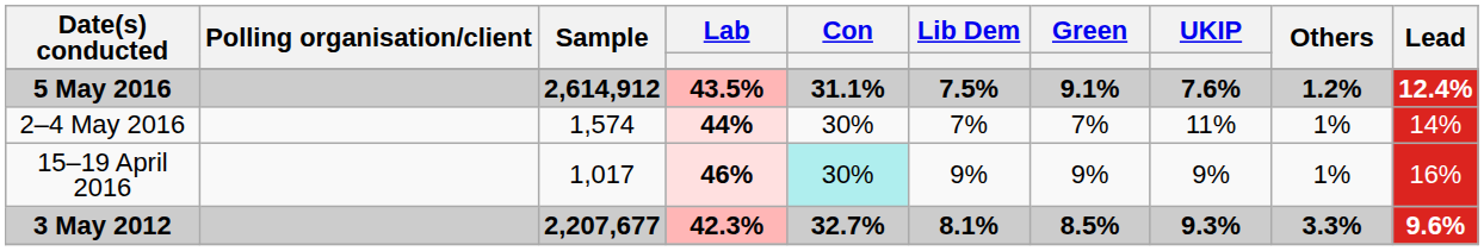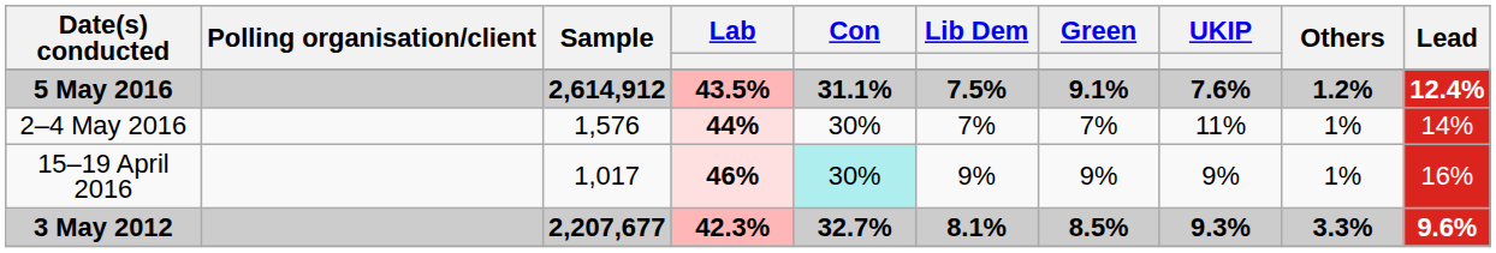 <table class="wikitable sortable" style="text-align:center;font-size:90%;line-height:14px">
 <tr>
 <th style="width:100px;" rowspan="2">Date(s)<br>conducted</th>
 <th style="width:180px;" rowspan="2">Polling organisation/client</th>
 <th style="width:60px;" rowspan="2">Sample</th>
 <th style="width:60px;" class="unsortable"><a href='#'>Lab</a></th>
 <th style="width:60px;" class="unsortable"><a href='#'>Con</a></th>
 <th style="width:60px;" class="unsortable"><a href='#'>Lib Dem</a></th>
 <th style="width:60px;" class="unsortable"><a href='#'>Green</a></th>
 <th style="width:60px;" class="unsortable"><a href='#'>UKIP</a></th>
 <th style="width:60px;" rowspan="2" class="unsortable">Others</th>
 <th class="unsortable" style="width:20px;" rowspan="2">Lead</th>
 </tr>
 <tr>
 <th class="unsortable" style="color:inherit;background:"></th>
 <th class="unsortable" style="color:inherit;background:"></th>
 <th class="unsortable" style="color:inherit;background:"></th>
 <th class="unsortable" style="color:inherit;background:"></th>
 <th class="unsortable" style="color:inherit;background:"></th>
 </tr>
 <tr>
 </tr>
 <tr style="background:#ccc;">
 <td><strong>5 May 2016</strong></td>
 <td style="background:#ccc;"><strong></strong></td>
 <td style="background:#ccc;"><strong> 2,614,912</strong></td>
 <td style="background:#FFB6B6;"><strong>43.5%</strong></td>
 <td style="background:#ccc;"><strong>31.1%</strong></td>
 <td style="background:#ccc;"><strong>7.5%</strong></td>
 <td style="background:#ccc;"><strong>9.1%</strong></td>
 <td style="background:#ccc;"><strong>7.6%</strong></td>
 <td style="background:#ccc;"><strong>1.2%</strong></td>
 <td style="background:#dc241f; color:white;"><strong>12.4%</strong></td>
 </tr>
 <tr>
 <td>2–4 May 2016</td>
 <td></td>
-<td>1,574</td>
+<td>1,576</td>
 <td style="background:#ffe0e0"><strong>44%</strong></td>
 <td>30%</td>
 <td>7%</td>
 <td>7%</td>
 <td>11%</td>
 <td>1%</td>
 <td style="background:#dc241f; color:white;">14%</td>
 </tr>
 <tr>
 <td>15–19 April 2016</td>
 <td></td>
 <td>1,017</td>
 <td style="background:#ffe0e0"><strong>46%</strong></td>
 <td style="background: paleturquoise;">30%</td>
 <td>9%</td>
 <td>9%</td>
 <td>9%</td>
 <td>1%</td>
 <td style="background:#dc241f; color:white;">16%</td>
 </tr>
 <tr style="background:#ccc;">
 <td><strong>3 May 2012</strong></td>
 <td style="background:#ccc;"><strong></strong></td>
 <td style="background:#ccc;"><strong> 2,207,677</strong></td>
 <td style="background:#FFB6B6;"><strong>42.3%</strong></td>
 <td style="background:#ccc;"><strong>32.7%</strong></td>
 <td style="background:#ccc;"><strong>8.1%</strong></td>
 <td style="background:#ccc;"><strong>8.5%</strong></td>
 <td style="background:#ccc;"><strong>9.3%</strong></td>
 <td style="background:#ccc;"><strong>3.3%</strong></td>
 <td style="background:#dc241f; color:white;"><strong>9.6%</strong></td>
 </tr>
 <tr>
 </tr>
 </table>
